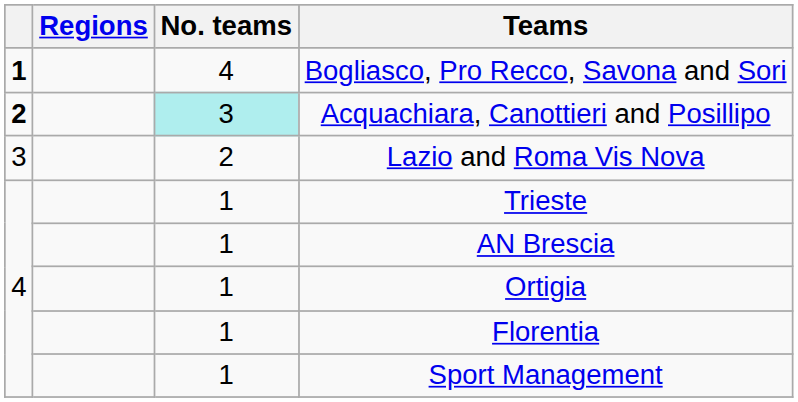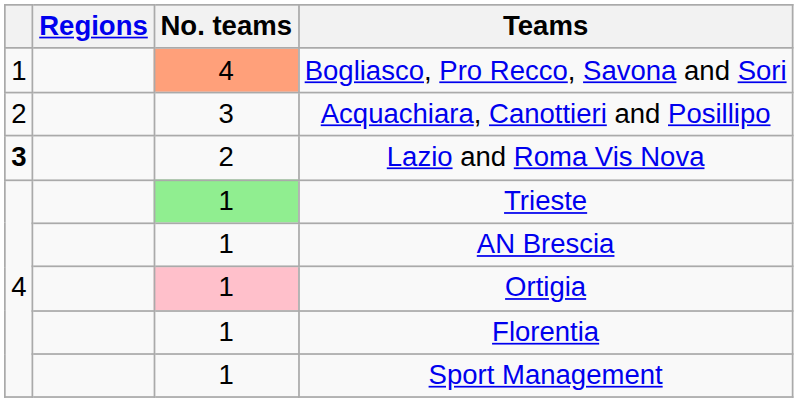 <table class="wikitable">
 <tr>
 <th></th>
 <th><a href='#'>Regions</a></th>
 <th>No. teams</th>
 <th>Teams</th>
 </tr>
 <tr>
-<td rowspan=1><strong>1</strong></td>
+<td rowspan=1>1</td>
 <td></td>
-<td align=center>4</td>
+<td align=center style="background: lightsalmon;">4</td>
 <td align=center><a href='#'>Bogliasco</a>, <a href='#'>Pro Recco</a>, <a href='#'>Savona</a> and <a href='#'>Sori</a></td>
 </tr>
 <tr>
-<td rowspan=1><strong>2</strong></td>
+<td rowspan=1>2</td>
 <td></td>
-<td align=center style="background: paleturquoise;">3</td>
+<td align=center>3</td>
 <td align=center><a href='#'>Acquachiara</a>, <a href='#'>Canottieri</a> and <a href='#'>Posillipo</a></td>
 </tr>
 <tr>
-<td rowspan=1>3</td>
+<td rowspan=1><strong>3</strong></td>
 <td></td>
 <td align=center>2</td>
 <td align=center><a href='#'>Lazio</a> and <a href='#'>Roma Vis Nova</a></td>
 </tr>
 <tr>
 <td rowspan=5>4</td>
 <td></td>
-<td align=center>1</td>
+<td align=center style="background: lightgreen;">1</td>
 <td align=center><a href='#'>Trieste</a></td>
 </tr>
 <tr>
 <td></td>
 <td align=center>1</td>
 <td align=center><a href='#'>AN Brescia</a></td>
 </tr>
 <tr>
 <td></td>
-<td align=center>1</td>
+<td align=center style="background: pink;">1</td>
 <td align=center><a href='#'>Ortigia</a></td>
 </tr>
 <tr>
 <td></td>
 <td align=center>1</td>
 <td align=center><a href='#'>Florentia</a></td>
 </tr>
 <tr>
 <td></td>
 <td align=center>1</td>
 <td align=center><a href='#'>Sport Management</a></td>
 </tr>
 </table>
